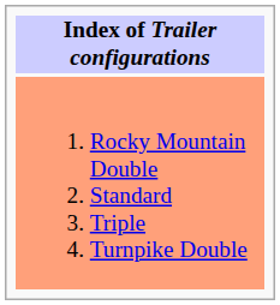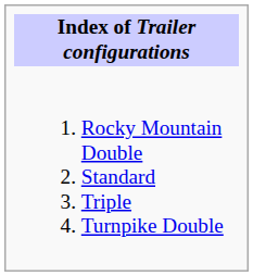 <table class="infobox collapsible collapsed" style="width:150px;">
 <tr>
 <th style="background:#ccf;font-size:80%;">Index of <em>Trailer<br>configurations</em></th>
 </tr>
 <tr>
-<td style="background: lightsalmon; font-size:80%;"><br><ol><li><a href='#'>Rocky Mountain Double</a></li><li><a href='#'>Standard</a></li><li><a href='#'>Triple</a></li><li><a href='#'>Turnpike Double</a></li></ol></td>
+<td style="font-size:80%;"><br><ol><li><a href='#'>Rocky Mountain Double</a></li><li><a href='#'>Standard</a></li><li><a href='#'>Triple</a></li><li><a href='#'>Turnpike Double</a></li></ol></td>
 </tr>
 </table>
